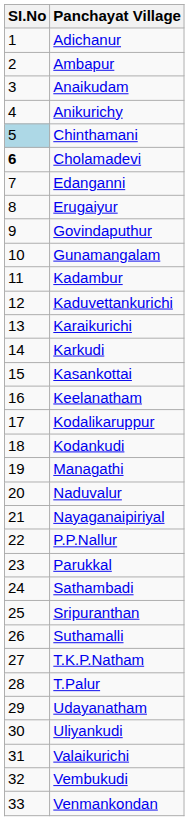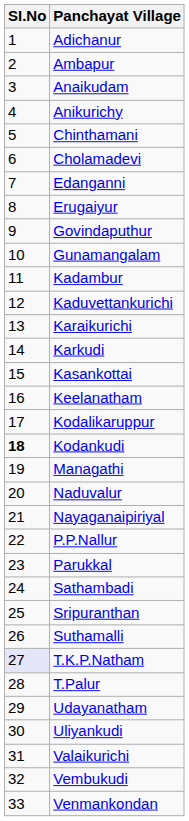 <table class="wikitable sortable">
 <tr>
 <th>SI.No</th>
 <th>Panchayat Village</th>
 </tr>
 <tr>
 <td>1</td>
 <td><a href='#'>Adichanur</a></td>
 </tr>
 <tr>
 <td>2</td>
 <td><a href='#'>Ambapur</a></td>
 </tr>
 <tr>
 <td>3</td>
 <td><a href='#'>Anaikudam</a></td>
 </tr>
 <tr>
 <td>4</td>
 <td><a href='#'>Anikurichy</a></td>
 </tr>
 <tr>
-<td style="background: lightblue;">5</td>
+<td>5</td>
 <td><a href='#'>Chinthamani</a></td>
 </tr>
 <tr>
-<td><strong>6</strong></td>
+<td>6</td>
 <td><a href='#'>Cholamadevi</a></td>
 </tr>
 <tr>
 <td>7</td>
 <td><a href='#'>Edanganni</a></td>
 </tr>
 <tr>
 <td>8</td>
 <td><a href='#'>Erugaiyur</a></td>
 </tr>
 <tr>
 <td>9</td>
 <td><a href='#'>Govindaputhur</a></td>
 </tr>
 <tr>
 <td>10</td>
 <td><a href='#'>Gunamangalam</a></td>
 </tr>
 <tr>
 <td>11</td>
 <td><a href='#'>Kadambur</a></td>
 </tr>
 <tr>
 <td>12</td>
 <td><a href='#'>Kaduvettankurichi</a></td>
 </tr>
 <tr>
 <td>13</td>
 <td><a href='#'>Karaikurichi</a></td>
 </tr>
 <tr>
 <td>14</td>
 <td><a href='#'>Karkudi</a></td>
 </tr>
 <tr>
 <td>15</td>
 <td><a href='#'>Kasankottai</a></td>
 </tr>
 <tr>
 <td>16</td>
 <td><a href='#'>Keelanatham</a></td>
 </tr>
 <tr>
 <td>17</td>
 <td><a href='#'>Kodalikaruppur</a></td>
 </tr>
 <tr>
-<td>18</td>
+<td><strong>18</strong></td>
 <td><a href='#'>Kodankudi</a></td>
 </tr>
 <tr>
 <td>19</td>
 <td><a href='#'>Managathi</a></td>
 </tr>
 <tr>
 <td>20</td>
 <td><a href='#'>Naduvalur</a></td>
 </tr>
 <tr>
 <td>21</td>
 <td><a href='#'>Nayaganaipiriyal</a></td>
 </tr>
 <tr>
 <td>22</td>
 <td><a href='#'>P.P.Nallur</a></td>
 </tr>
 <tr>
 <td>23</td>
 <td><a href='#'>Parukkal</a></td>
 </tr>
 <tr>
 <td>24</td>
 <td><a href='#'>Sathambadi</a></td>
 </tr>
 <tr>
 <td>25</td>
 <td><a href='#'>Sripuranthan</a></td>
 </tr>
 <tr>
 <td>26</td>
 <td><a href='#'>Suthamalli</a></td>
 </tr>
 <tr>
-<td>27</td>
+<td style="background: lavender;">27</td>
 <td><a href='#'>T.K.P.Natham</a></td>
 </tr>
 <tr>
 <td>28</td>
 <td><a href='#'>T.Palur</a></td>
 </tr>
 <tr>
 <td>29</td>
 <td><a href='#'>Udayanatham</a></td>
 </tr>
 <tr>
 <td>30</td>
 <td><a href='#'>Uliyankudi</a></td>
 </tr>
 <tr>
 <td>31</td>
 <td><a href='#'>Valaikurichi</a></td>
 </tr>
 <tr>
 <td>32</td>
 <td><a href='#'>Vembukudi</a></td>
 </tr>
 <tr>
 <td>33</td>
 <td><a href='#'>Venmankondan</a></td>
 </tr>
 </table>
